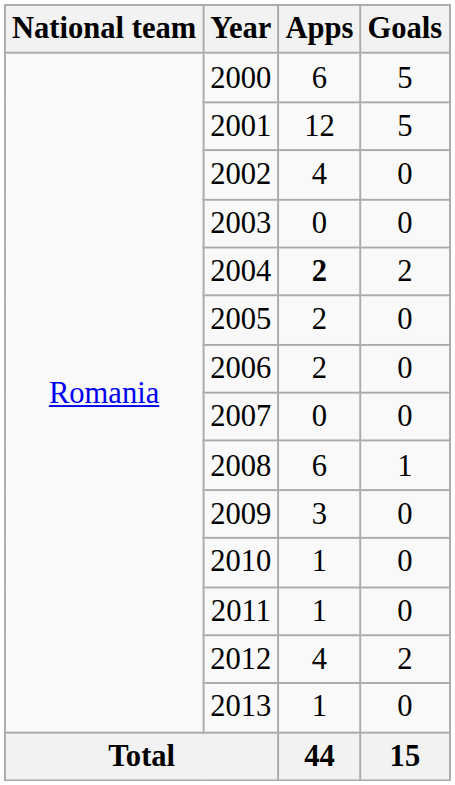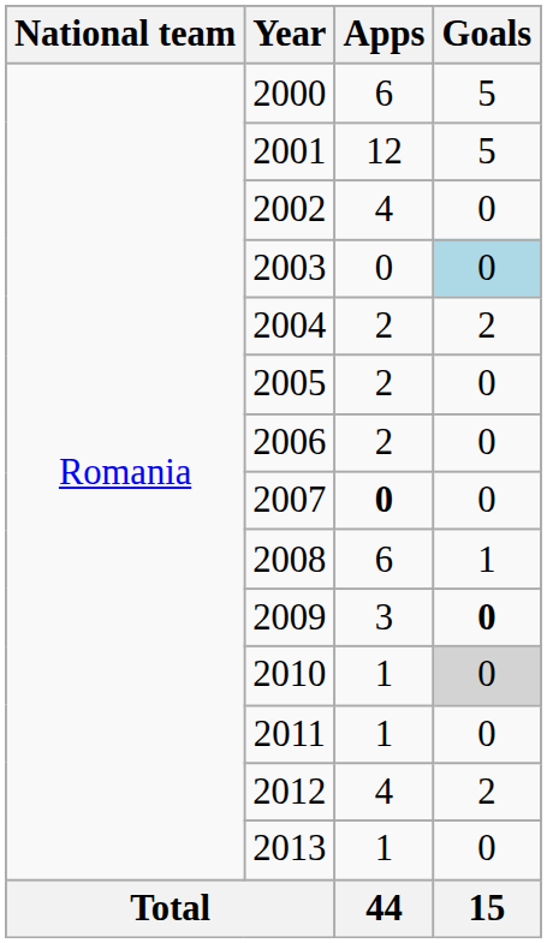 <table class="wikitable" style="text-align:center">
 <tr>
 <th>National team</th>
 <th>Year</th>
 <th>Apps</th>
 <th>Goals</th>
 </tr>
 <tr>
 <td rowspan="14"><a href='#'>Romania</a></td>
 <td>2000</td>
 <td>6</td>
 <td>5</td>
 </tr>
 <tr>
 <td>2001</td>
 <td>12</td>
 <td>5</td>
 </tr>
 <tr>
 <td>2002</td>
 <td>4</td>
 <td>0</td>
 </tr>
 <tr>
 <td>2003</td>
 <td>0</td>
-<td>0</td>
+<td style="background: lightblue;">0</td>
 </tr>
 <tr>
 <td>2004</td>
-<td><strong>2</strong></td>
+<td>2</td>
 <td>2</td>
 </tr>
 <tr>
 <td>2005</td>
 <td>2</td>
 <td>0</td>
 </tr>
 <tr>
 <td>2006</td>
 <td>2</td>
 <td>0</td>
 </tr>
 <tr>
 <td>2007</td>
-<td>0</td>
+<td><strong>0</strong></td>
 <td>0</td>
 </tr>
 <tr>
 <td>2008</td>
 <td>6</td>
 <td>1</td>
 </tr>
 <tr>
 <td>2009</td>
 <td>3</td>
-<td>0</td>
+<td><strong>0</strong></td>
 </tr>
 <tr>
 <td>2010</td>
 <td>1</td>
-<td>0</td>
+<td style="background: lightgrey;">0</td>
 </tr>
 <tr>
 <td>2011</td>
 <td>1</td>
 <td>0</td>
 </tr>
 <tr>
 <td>2012</td>
 <td>4</td>
 <td>2</td>
 </tr>
 <tr>
 <td>2013</td>
 <td>1</td>
 <td>0</td>
 </tr>
 <tr>
 <th colspan="2">Total</th>
 <th>44</th>
 <th>15</th>
 </tr>
 </table>
